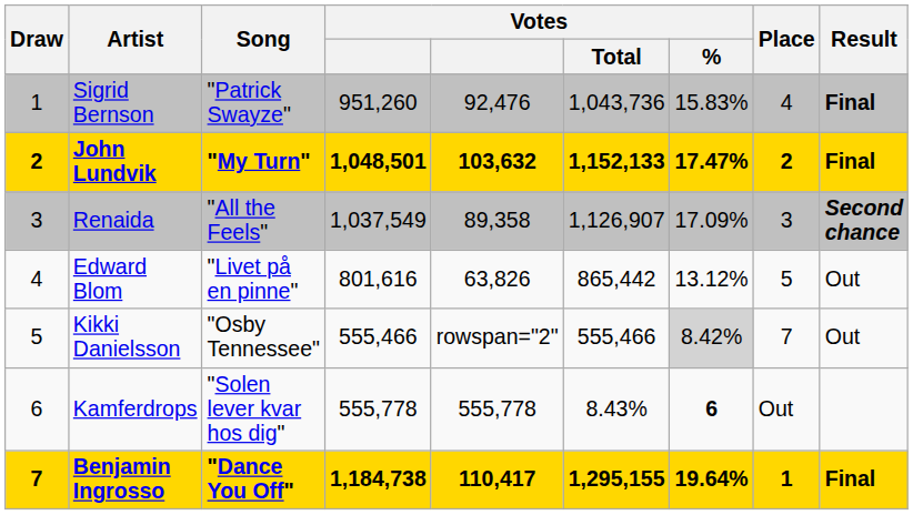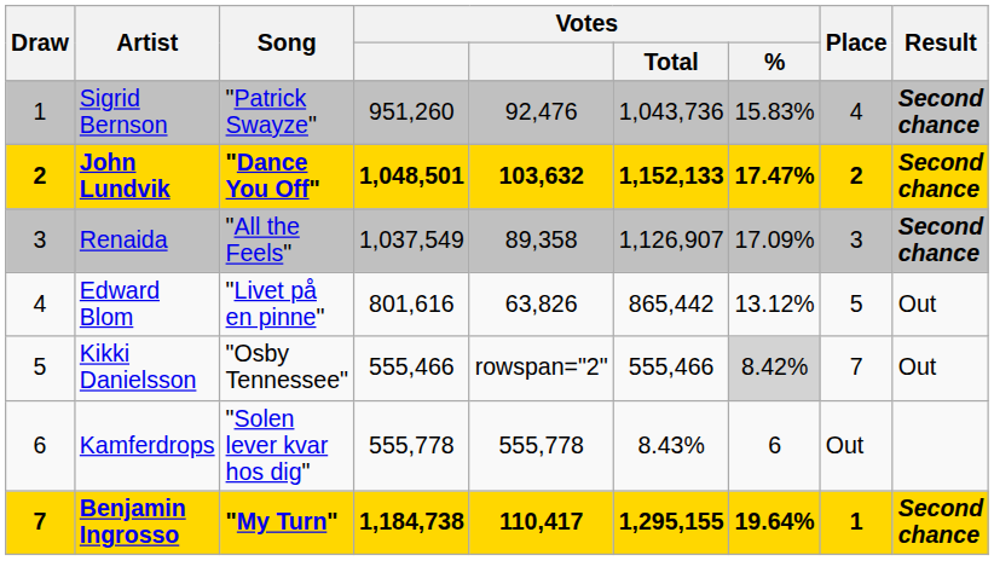 <table class="sortable wikitable" style="margin: 1em auto 1em auto; text-align:center;">
 <tr>
 <th rowspan="2">Draw</th>
 <th rowspan="2">Artist</th>
 <th rowspan="2">Song</th>
 <th colspan="4" class="unsortable">Votes</th>
 <th rowspan="2">Place</th>
 <th rowspan="2">Result</th>
 </tr>
 <tr>
 <th></th>
 <th></th>
 <th>Total</th>
 <th>%</th>
 </tr>
 <tr style="background:silver;">
 <td>1</td>
 <td align="left"><a href='#'>Sigrid Bernson</a></td>
 <td align="left">"<a href='#'>Patrick Swayze</a>"</td>
 <td>951,260</td>
 <td>92,476</td>
 <td>1,043,736</td>
 <td>15.83%</td>
 <td>4</td>
-<td align="left"><strong>Final</strong></td>
+<td align="left"><strong><em>Second chance</em></strong></td>
 </tr>
 <tr style="background:gold;">
 <td><strong>2</strong></td>
 <td align="left"><strong><a href='#'>John Lundvik</a></strong></td>
-<td align="left"><strong>"<a href='#'>My Turn</a>"</strong></td>
+<td align="left"><strong>"<a href='#'>Dance You Off</a>"</strong></td>
 <td><strong>1,048,501</strong></td>
 <td><strong>103,632</strong></td>
 <td><strong>1,152,133 </strong></td>
 <td><strong>17.47%</strong></td>
 <td><strong>2</strong></td>
-<td align="left"><strong>Final</strong></td>
+<td align="left"><strong><em>Second chance</em></strong></td>
 </tr>
 <tr style="background:silver;">
 <td>3</td>
 <td align="left"><a href='#'>Renaida</a></td>
 <td align="left">"<a href='#'>All the Feels</a>"</td>
 <td>1,037,549</td>
 <td>89,358</td>
 <td>1,126,907</td>
 <td>17.09%</td>
 <td>3</td>
 <td align="left"><strong><em>Second chance</em></strong></td>
 </tr>
 <tr>
 <td>4</td>
 <td align="left"><a href='#'>Edward Blom</a></td>
 <td align="left">"<a href='#'>Livet på en pinne</a>"</td>
 <td>801,616</td>
 <td>63,826</td>
 <td>865,442</td>
 <td>13.12%</td>
 <td>5</td>
 <td align="left">Out</td>
 </tr>
 <tr>
 <td>5</td>
 <td align="left"><a href='#'>Kikki Danielsson</a></td>
 <td align="left">"Osby Tennessee"</td>
 <td>555,466</td>
 <td>rowspan="2" </td>
 <td>555,466</td>
 <td style="background: lightgrey;">8.42%</td>
 <td>7</td>
 <td align="left">Out</td>
 </tr>
 <tr>
 <td>6</td>
 <td align="left"><a href='#'>Kamferdrops</a></td>
 <td align="left">"<a href='#'>Solen lever kvar hos dig</a>"</td>
 <td>555,778</td>
 <td>555,778</td>
 <td>8.43%</td>
-<td><strong>6</strong></td>
+<td>6</td>
 <td align="left">Out</td>
 </tr>
 <tr style="background:gold;">
 <td><strong>7</strong></td>
 <td align="left"><strong><a href='#'>Benjamin Ingrosso</a></strong></td>
-<td align="left"><strong>"<a href='#'>Dance You Off</a>"</strong></td>
+<td align="left"><strong>"<a href='#'>My Turn</a>"</strong></td>
 <td><strong>1,184,738</strong></td>
 <td><strong>110,417</strong></td>
 <td><strong>1,295,155 </strong></td>
 <td><strong>19.64%</strong></td>
 <td><strong>1</strong></td>
-<td align="left"><strong>Final </strong></td>
+<td align="left"><strong><em>Second chance</em></strong></td>
 </tr>
 </table>
